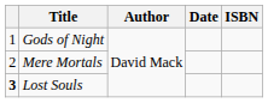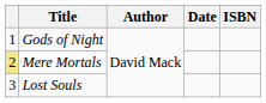 <table class="wikitable">
 <tr>
 <th></th>
 <th>Title</th>
 <th>Author</th>
 <th>Date</th>
 <th>ISBN</th>
 </tr>
 <tr>
 <td>1</td>
 <td><em>Gods of Night</em></td>
 <td rowspan="3">David Mack</td>
 <td></td>
 <td></td>
 </tr>
 <tr>
-<td>2</td>
+<td style="background: khaki;">2</td>
 <td><em>Mere Mortals</em></td>
 <td></td>
 <td></td>
 </tr>
 <tr>
-<td><strong>3</strong></td>
+<td>3</td>
 <td><em>Lost Souls</em></td>
 <td></td>
 <td></td>
 </tr>
 </table>
